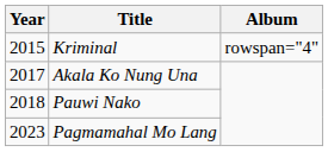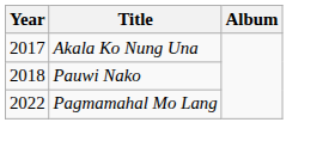 <table class="wikitable">
 <tr>
 <th>Year</th>
 <th>Title</th>
 <th>Album</th>
-</tr>
-<tr>
-<td>2015</td>
-<td><em>Kriminal</em></td>
-<td>rowspan="4" </td>
 </tr>
 <tr>
 <td>2017</td>
 <td><em>Akala Ko Nung Una</em><br></td>
 </tr>
 <tr>
 <td>2018</td>
 <td><em>Pauwi Nako</em><br></td>
 </tr>
 <tr>
-<td>2023</td>
+<td>2022</td>
 <td><em>Pagmamahal Mo Lang</em><br></td>
 </tr>
 </table>
